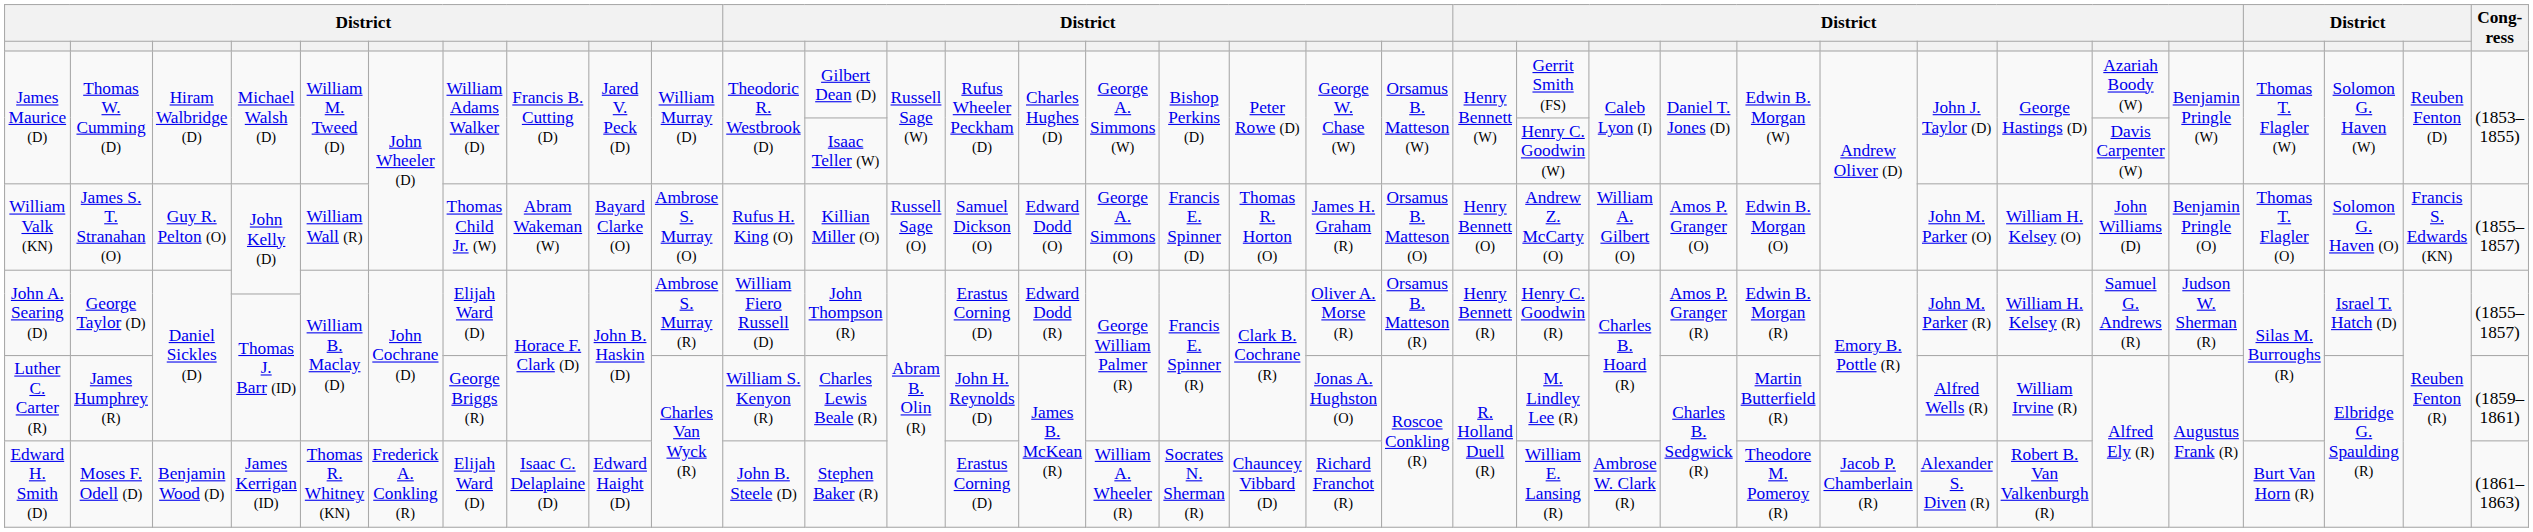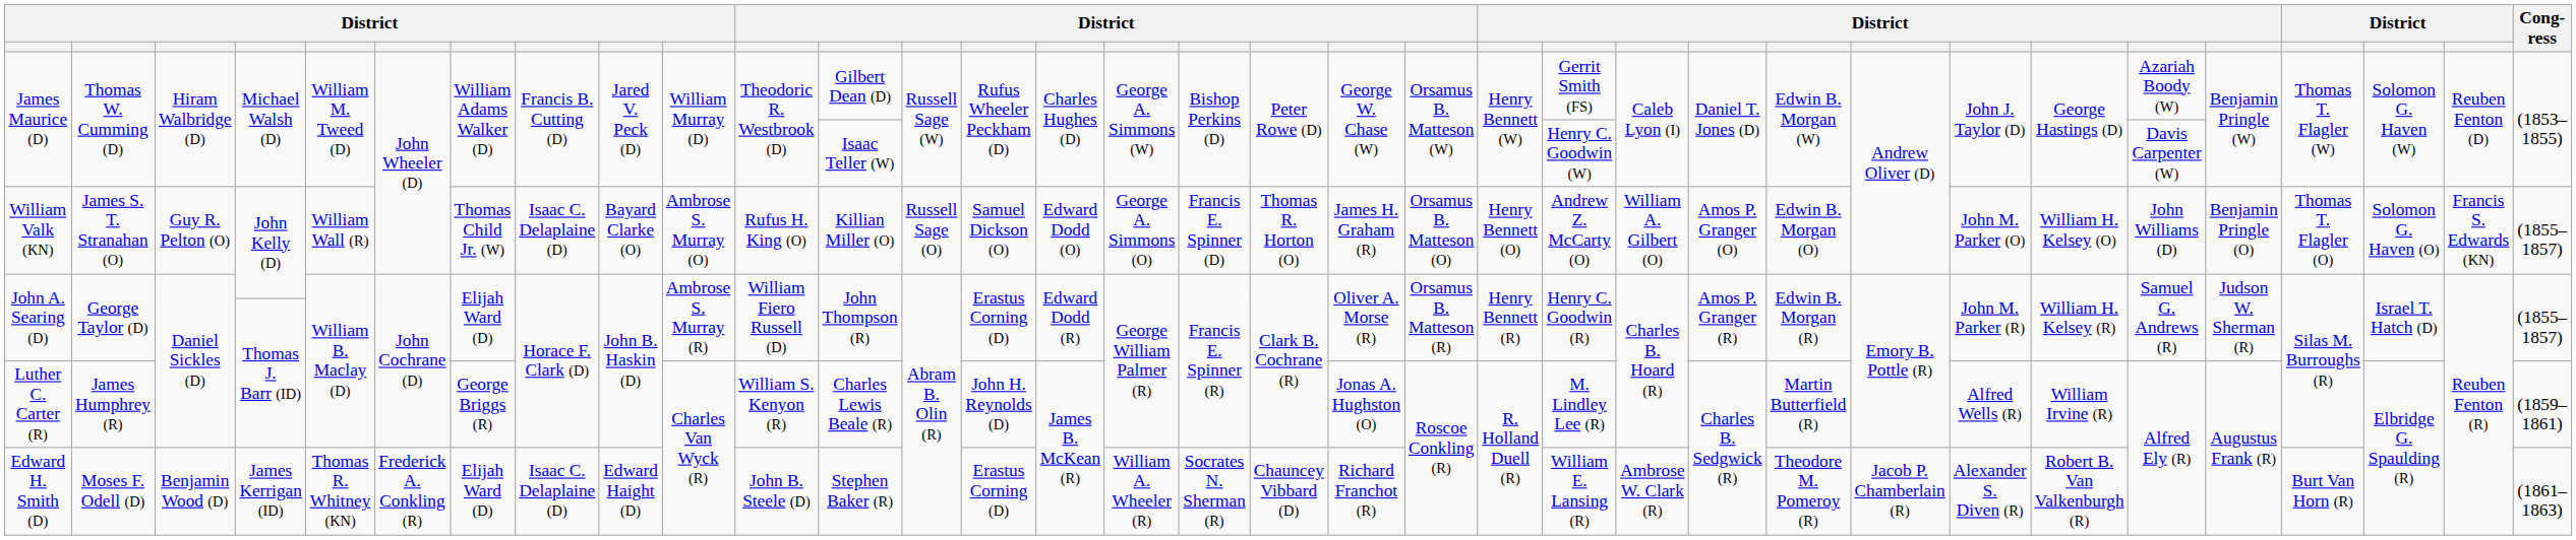 <table class=wikitable style="text-align:center">
 <tr>
 <th colspan=10>District</th>
 <th colspan=10>District</th>
 <th colspan=10>District</th>
 <th colspan=3>District</th>
 <th rowspan=2>Cong­ress</th>
 </tr>
 <tr>
 <th></th>
 <th></th>
 <th></th>
 <th></th>
 <th></th>
 <th></th>
 <th></th>
 <th></th>
 <th></th>
 <th></th>
 <th></th>
 <th></th>
 <th></th>
 <th></th>
 <th></th>
 <th></th>
 <th></th>
 <th></th>
 <th></th>
 <th></th>
 <th></th>
 <th></th>
 <th></th>
 <th></th>
 <th></th>
 <th></th>
 <th></th>
 <th></th>
 <th></th>
 <th></th>
 <th></th>
 <th></th>
 <th></th>
 </tr>
 <tr style="height:2em">
 <td rowspan=2 ><a href='#'>James<br>Maurice</a> <small>(D)</small></td>
 <td rowspan=2 ><a href='#'>Thomas W.<br>Cumming</a> <small>(D)</small></td>
 <td rowspan=2 ><a href='#'>Hiram<br>Walbridge</a><br><small>(D)</small></td>
 <td rowspan=2 ><a href='#'>Michael<br>Walsh</a> <small>(D)</small></td>
 <td rowspan=2 ><a href='#'>William M.<br>Tweed</a> <small>(D)</small></td>
 <td rowspan=3 ><a href='#'>John<br>Wheeler</a> <small>(D)</small></td>
 <td rowspan=2 ><a href='#'>William<br>Adams<br>Walker</a> <small>(D)</small></td>
 <td rowspan=2 ><a href='#'>Francis B.<br>Cutting</a> <small>(D)</small></td>
 <td rowspan=2 ><a href='#'>Jared V.<br>Peck</a> <small>(D)</small></td>
 <td rowspan=2 ><a href='#'>William<br>Murray</a> <small>(D)</small></td>
 <td rowspan=2 ><a href='#'>Theodoric R.<br>Westbrook</a><br><small>(D)</small></td>
 <td><a href='#'>Gilbert Dean</a> <small>(D)</small></td>
 <td rowspan=2 ><a href='#'>Russell<br>Sage</a> <small>(W)</small></td>
 <td rowspan=2 ><a href='#'>Rufus<br>Wheeler<br>Peckham</a> <small>(D)</small></td>
 <td rowspan=2 ><a href='#'>Charles<br>Hughes</a> <small>(D)</small></td>
 <td rowspan=2 ><a href='#'>George A.<br>Simmons</a> <small>(W)</small></td>
 <td rowspan=2 ><a href='#'>Bishop<br>Perkins</a> <small>(D)</small></td>
 <td rowspan=2 ><a href='#'>Peter<br>Rowe</a> <small>(D)</small></td>
 <td rowspan=2 ><a href='#'>George W.<br>Chase</a> <small>(W)</small></td>
 <td rowspan=2 ><a href='#'>Orsamus B.<br>Matteson</a> <small>(W)</small></td>
 <td rowspan=2 ><a href='#'>Henry<br>Bennett</a> <small>(W)</small></td>
 <td><a href='#'>Gerrit Smith</a> <small>(FS)</small></td>
 <td rowspan=2 ><a href='#'>Caleb<br>Lyon</a> <small>(I)</small></td>
 <td rowspan=2 ><a href='#'>Daniel T.<br>Jones</a> <small>(D)</small></td>
 <td rowspan=2 ><a href='#'>Edwin B.<br>Morgan</a> <small>(W)</small></td>
 <td rowspan=3 ><a href='#'>Andrew<br>Oliver</a> <small>(D)</small></td>
 <td rowspan=2 ><a href='#'>John J.<br>Taylor</a> <small>(D)</small></td>
 <td rowspan=2 ><a href='#'>George<br>Hastings</a> <small>(D)</small></td>
 <td><a href='#'>Azariah Boody</a> <small>(W)</small></td>
 <td rowspan=2 ><a href='#'>Benjamin<br>Pringle</a> <small>(W)</small></td>
 <td rowspan=2 ><a href='#'>Thomas T.<br>Flagler</a> <small>(W)</small></td>
 <td rowspan=2 ><a href='#'>Solomon G.<br>Haven</a> <small>(W)</small></td>
 <td rowspan=2 ><a href='#'>Reuben<br>Fenton</a> <small>(D)</small></td>
 <td rowspan=2><strong></strong><br>(1853–1855)</td>
 </tr>
 <tr style="height:2em">
 <td><a href='#'>Isaac Teller</a> <small>(W)</small></td>
 <td><a href='#'>Henry C.<br>Goodwin</a> <small>(W)</small></td>
 <td><a href='#'>Davis<br>Carpenter</a> <small>(W)</small></td>
 </tr>
 <tr style="height:2em">
 <td><a href='#'>William<br>Valk</a> <small>(KN)</small></td>
 <td><a href='#'>James S. T.<br>Stranahan</a> <small>(O)</small></td>
 <td><a href='#'>Guy R.<br>Pelton</a> <small>(O)</small></td>
 <td rowspan=2 ><a href='#'>John<br>Kelly</a> <small>(D)</small></td>
 <td><a href='#'>William<br>Wall</a> <small>(R)</small></td>
 <td><a href='#'>Thomas<br>Child Jr.</a> <small>(W)</small></td>
-<td><a href='#'>Abram<br>Wakeman</a> <small>(W)</small></td>
+<td><a href='#'>Isaac C.<br>Delaplaine</a> <small>(D)</small></td>
 <td><a href='#'>Bayard<br>Clarke</a> <small>(O)</small></td>
 <td><a href='#'>Ambrose S.<br>Murray</a> <small>(O)</small></td>
 <td><a href='#'>Rufus H.<br>King</a> <small>(O)</small></td>
 <td><a href='#'>Killian<br>Miller</a> <small>(O)</small></td>
 <td><a href='#'>Russell<br>Sage</a> <small>(O)</small></td>
 <td><a href='#'>Samuel<br>Dickson</a> <small>(O)</small></td>
 <td><a href='#'>Edward<br>Dodd</a> <small>(O)</small></td>
 <td><a href='#'>George A.<br>Simmons</a> <small>(O)</small></td>
 <td><a href='#'>Francis E.<br>Spinner</a> <small>(D)</small></td>
 <td><a href='#'>Thomas R.<br>Horton</a> <small>(O)</small></td>
 <td><a href='#'>James H.<br>Graham</a> <small>(R)</small></td>
 <td><a href='#'>Orsamus B.<br>Matteson</a> <small>(O)</small></td>
 <td><a href='#'>Henry<br>Bennett</a> <small>(O)</small></td>
 <td><a href='#'>Andrew Z.<br>McCarty</a> <small>(O)</small></td>
 <td><a href='#'>William A.<br>Gilbert</a> <small>(O)</small></td>
 <td><a href='#'>Amos P.<br>Granger</a> <small>(O)</small></td>
 <td><a href='#'>Edwin B.<br>Morgan</a> <small>(O)</small></td>
 <td><a href='#'>John M.<br>Parker</a> <small>(O)</small></td>
 <td><a href='#'>William H.<br>Kelsey</a> <small>(O)</small></td>
 <td><a href='#'>John<br>Williams</a> <small>(D)</small></td>
 <td><a href='#'>Benjamin<br>Pringle</a> <small>(O)</small></td>
 <td><a href='#'>Thomas T.<br>Flagler</a> <small>(O)</small></td>
 <td><a href='#'>Solomon G.<br>Haven</a> <small>(O)</small></td>
 <td><a href='#'>Francis S.<br>Edwards</a> <small>(KN)</small></td>
 <td><strong></strong><br>(1855–1857)</td>
 </tr>
 <tr style="height:1.4em">
 <td rowspan=2 ><a href='#'>John A.<br>Searing</a> <small>(D)</small></td>
 <td rowspan=2 ><a href='#'>George<br>Taylor</a> <small>(D)</small></td>
 <td rowspan=3 ><a href='#'>Daniel<br>Sickles</a> <small>(D)</small></td>
 <td rowspan=3 ><a href='#'>William B.<br>Maclay</a> <small>(D)</small></td>
 <td rowspan=3 ><a href='#'>John<br>Cochrane</a><br><small>(D)</small></td>
 <td rowspan=2 ><a href='#'>Elijah<br>Ward</a> <small>(D)</small></td>
 <td rowspan="3" ><a href='#'>Horace F.<br>Clark</a> <small>(D)</small></td>
 <td rowspan="3" ><a href='#'>John B.<br>Haskin</a><br><small>(D)</small></td>
 <td rowspan=2 ><a href='#'>Ambrose S.<br>Murray</a> <small>(R)</small></td>
 <td rowspan=2 ><a href='#'>William Fiero<br>Russell</a> <small>(D)</small></td>
 <td rowspan=2 ><a href='#'>John<br>Thompson</a> <small>(R)</small></td>
 <td rowspan=4 ><a href='#'>Abram B.<br>Olin</a> <small>(R)</small></td>
 <td rowspan=2 ><a href='#'>Erastus<br>Corning</a> <small>(D)</small></td>
 <td rowspan=2 ><a href='#'>Edward<br>Dodd</a> <small>(R)</small></td>
 <td rowspan=3 ><a href='#'>George<br>William<br>Palmer</a> <small>(R)</small></td>
 <td rowspan=3 ><a href='#'>Francis E.<br>Spinner</a> <small>(R)</small></td>
 <td rowspan=3 ><a href='#'>Clark B.<br>Cochrane</a><br><small>(R)</small></td>
 <td rowspan=2 ><a href='#'>Oliver A.<br>Morse</a> <small>(R)</small></td>
 <td rowspan=2 ><a href='#'>Orsamus B.<br>Matteson</a> <small>(R)</small></td>
 <td rowspan=2 ><a href='#'>Henry<br>Bennett</a> <small>(R)</small></td>
 <td rowspan=2 ><a href='#'>Henry C.<br>Goodwin</a> <small>(R)</small></td>
 <td rowspan=3 ><a href='#'>Charles B.<br>Hoard</a> <small>(R)</small></td>
 <td rowspan=2 ><a href='#'>Amos P.<br>Granger</a> <small>(R)</small></td>
 <td rowspan=2 ><a href='#'>Edwin B.<br>Morgan</a> <small>(R)</small></td>
 <td rowspan=3 ><a href='#'>Emory B.<br>Pottle</a> <small>(R)</small></td>
 <td rowspan=2 ><a href='#'>John M.<br>Parker</a> <small>(R)</small></td>
 <td rowspan=2 ><a href='#'>William H.<br>Kelsey</a> <small>(R)</small></td>
 <td rowspan=2 ><a href='#'>Samuel G.<br>Andrews</a> <small>(R)</small></td>
 <td rowspan=2 ><a href='#'>Judson W.<br>Sherman</a> <small>(R)</small></td>
 <td rowspan=3 ><a href='#'>Silas M.<br>Burroughs</a><br><small>(R)</small></td>
 <td rowspan=2 ><a href='#'>Israel T.<br>Hatch</a> <small>(D)</small></td>
 <td rowspan=4 ><a href='#'>Reuben<br>Fenton</a> <small>(R)</small></td>
 <td rowspan="2"><strong></strong><br>(1855–1857)</td>
 </tr>
 <tr style="height:1.4em">
 <td rowspan=2 ><a href='#'>Thomas J.<br>Barr</a> <small>(ID)</small></td>
 </tr>
 <tr style="height:2em">
 <td><a href='#'>Luther C.<br>Carter</a> <small>(R)</small></td>
 <td><a href='#'>James<br>Humphrey</a> <small>(R)</small></td>
 <td><a href='#'>George<br>Briggs</a> <small>(R)</small></td>
 <td rowspan=2 ><a href='#'>Charles Van<br>Wyck</a> <small>(R)</small></td>
 <td><a href='#'>William S.<br>Kenyon</a> <small>(R)</small></td>
 <td><a href='#'>Charles Lewis<br>Beale</a> <small>(R)</small></td>
 <td><a href='#'>John H.<br>Reynolds</a> <small>(D)</small></td>
 <td rowspan=2 ><a href='#'>James B.<br>McKean</a><br><small>(R)</small></td>
 <td><a href='#'>Jonas A.<br>Hughston</a> <small>(O)</small></td>
 <td rowspan=2 ><a href='#'>Roscoe<br>Conkling</a> <small>(R)</small></td>
 <td rowspan=2 ><a href='#'>R. Holland<br>Duell</a> <small>(R)</small></td>
 <td><a href='#'>M. Lindley<br>Lee</a> <small>(R)</small></td>
 <td rowspan=2 ><a href='#'>Charles B.<br>Sedgwick</a><br><small>(R)</small></td>
 <td><a href='#'>Martin<br>Butterfield</a> <small>(R)</small></td>
 <td><a href='#'>Alfred<br>Wells</a> <small>(R)</small></td>
 <td><a href='#'>William<br>Irvine</a> <small>(R)</small></td>
 <td rowspan=2 ><a href='#'>Alfred<br>Ely</a> <small>(R)</small></td>
 <td rowspan=2 ><a href='#'>Augustus<br>Frank</a> <small>(R)</small></td>
 <td rowspan=2 ><a href='#'>Elbridge G.<br>Spaulding</a><br><small>(R)</small></td>
 <td><strong></strong><br>(1859–1861)</td>
 </tr>
 <tr style="height:2em">
 <td><a href='#'>Edward H.<br>Smith</a> <small>(D)</small></td>
 <td><a href='#'>Moses F.<br>Odell</a> <small>(D)</small></td>
 <td><a href='#'>Benjamin<br>Wood</a> <small>(D)</small></td>
 <td><a href='#'>James<br>Kerrigan</a> <small>(ID)</small></td>
 <td><a href='#'>Thomas R.<br>Whitney</a> <small>(KN)</small></td>
 <td><a href='#'>Frederick A.<br>Conkling</a> <small>(R)</small></td>
 <td><a href='#'>Elijah<br>Ward</a> <small>(D)</small></td>
 <td><a href='#'>Isaac C.<br>Delaplaine</a> <small>(D)</small></td>
 <td><a href='#'>Edward<br>Haight</a> <small>(D)</small></td>
 <td><a href='#'>John B.<br>Steele</a> <small>(D)</small></td>
 <td><a href='#'>Stephen<br>Baker</a> <small>(R)</small></td>
 <td><a href='#'>Erastus<br>Corning</a> <small>(D)</small></td>
 <td><a href='#'>William A.<br>Wheeler</a> <small>(R)</small></td>
 <td><a href='#'>Socrates N.<br>Sherman</a> <small>(R)</small></td>
 <td><a href='#'>Chauncey<br>Vibbard</a> <small>(D)</small></td>
 <td><a href='#'>Richard<br>Franchot</a> <small>(R)</small></td>
 <td><a href='#'>William E.<br>Lansing</a> <small>(R)</small></td>
 <td><a href='#'>Ambrose<br>W. Clark</a> <small>(R)</small></td>
 <td><a href='#'>Theodore M.<br>Pomeroy</a> <small>(R)</small></td>
 <td><a href='#'>Jacob P.<br>Chamberlain</a> <small>(R)</small></td>
 <td><a href='#'>Alexander S.<br>Diven</a> <small>(R)</small></td>
 <td><a href='#'>Robert B. Van<br>Valkenburgh</a> <small>(R)</small></td>
 <td><a href='#'>Burt Van<br>Horn</a> <small>(R)</small></td>
 <td><strong></strong><br>(1861–1863)</td>
 </tr>
 </table>
